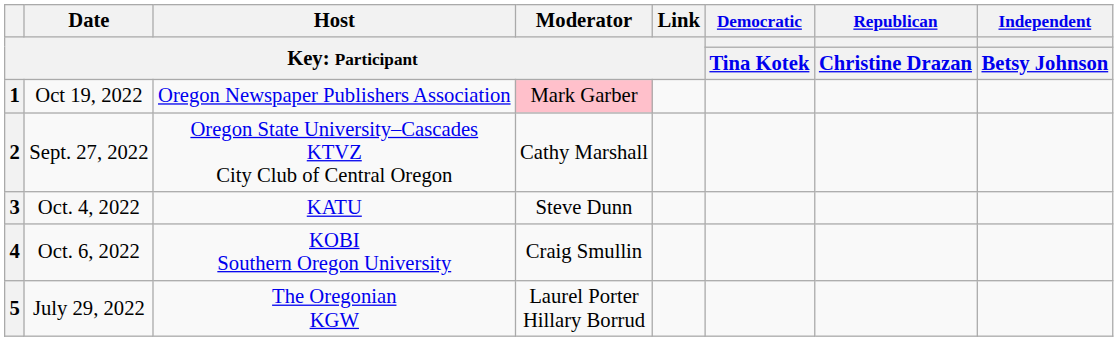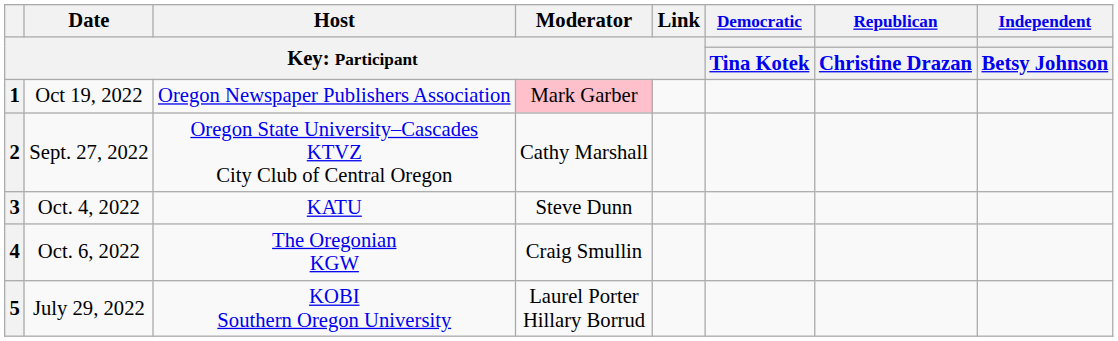 <table class="wikitable" style="text-align:center;">
 <tr>
 <th scope="col"></th>
 <th scope="col">Date</th>
 <th scope="col">Host</th>
 <th scope="col">Moderator</th>
 <th scope="col">Link</th>
 <th scope="col"><small><a href='#'>Democratic</a></small></th>
 <th scope="col"><small><a href='#'>Republican</a></small></th>
 <th scope="col"><small><a href='#'>Independent</a></small></th>
 </tr>
 <tr>
 <th colspan="5" rowspan="2">Key:  <small>Participant </small></th>
 <th scope="col" style="background:"></th>
 <th scope="col" style="background:"></th>
 <th scope="col" style="background:"></th>
 </tr>
 <tr>
 <th scope="col"><a href='#'>Tina Kotek</a></th>
 <th scope="col"><a href='#'>Christine Drazan</a></th>
 <th scope="col"><a href='#'>Betsy Johnson</a></th>
 </tr>
 <tr>
 <th scope="row">1</th>
 <td>Oct 19, 2022</td>
 <td style="white-space:nowrap;"><a href='#'>Oregon Newspaper Publishers Association</a></td>
 <td style="background: pink; white-space:nowrap;">Mark Garber</td>
 <td style="white-space:nowrap;"></td>
 <td></td>
 <td></td>
 <td></td>
 </tr>
 <tr>
 <th>2</th>
 <td>Sept. 27, 2022</td>
 <td><a href='#'>Oregon State University–Cascades</a><br><a href='#'>KTVZ</a><br>City Club of Central Oregon</td>
 <td>Cathy Marshall</td>
 <td><br></td>
 <td></td>
 <td></td>
 <td></td>
 </tr>
 <tr>
 <th>3</th>
 <td>Oct. 4, 2022</td>
 <td><a href='#'>KATU</a></td>
 <td>Steve Dunn</td>
 <td></td>
 <td></td>
 <td></td>
 <td></td>
 </tr>
 <tr>
 <th>4</th>
 <td>Oct. 6, 2022</td>
-<td><a href='#'>KOBI</a><br><a href='#'>Southern Oregon University</a></td>
+<td><a href='#'>The Oregonian</a><br><a href='#'>KGW</a></td>
 <td>Craig Smullin</td>
 <td></td>
 <td></td>
 <td></td>
 <td></td>
 </tr>
 <tr>
 <th>5</th>
 <td style="white-space:nowrap;">July 29, 2022</td>
-<td><a href='#'>The Oregonian</a><br><a href='#'>KGW</a></td>
+<td><a href='#'>KOBI</a><br><a href='#'>Southern Oregon University</a></td>
 <td>Laurel Porter<br>Hillary Borrud</td>
 <td></td>
 <td></td>
 <td></td>
 <td></td>
 </tr>
 </table>
